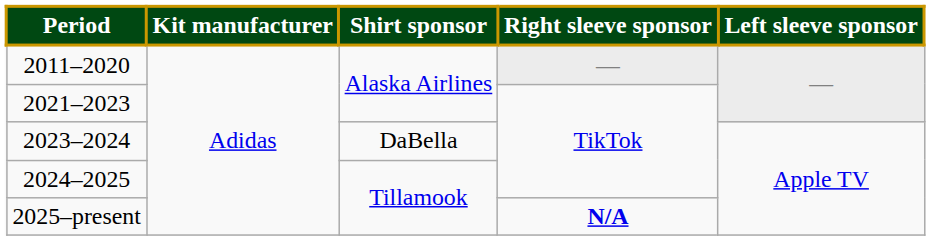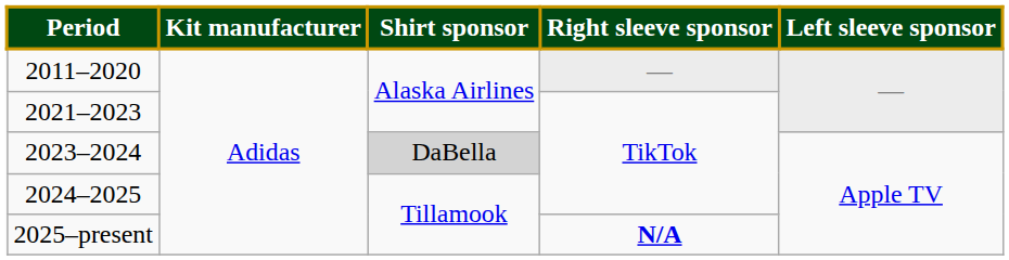 <table class="wikitable" style="text-align:center;margin-left:1em;float:right">
 <tr>
 <th style="background:#004812; color:#FFFFFF; border:2px solid #CB9700;">Period</th>
 <th style="background:#004812; color:#FFFFFF; border:2px solid #CB9700;">Kit manufacturer</th>
 <th style="background:#004812; color:#FFFFFF; border:2px solid #CB9700;">Shirt sponsor</th>
 <th style="background:#004812; color:#FFFFFF; border:2px solid #CB9700;" scope="col">Right sleeve sponsor</th>
 <th style="background:#004812; color:#FFFFFF; border:2px solid #CB9700;" scope="col">Left sleeve sponsor</th>
 </tr>
 <tr>
 <td>2011–2020</td>
 <td rowspan=5><a href='#'>Adidas</a></td>
 <td rowspan=2><a href='#'>Alaska Airlines</a></td>
 <td style="background:#ececec; color:gray">—</td>
 <td style="background:#ececec; color:gray" rowspan="2">—</td>
 </tr>
 <tr>
 <td>2021–2023</td>
 <td rowspan=3><a href='#'>TikTok</a></td>
 </tr>
 <tr>
 <td>2023–2024</td>
-<td>DaBella</td>
+<td style="background: lightgrey;">DaBella</td>
 <td rowspan=3><a href='#'>Apple TV</a></td>
 </tr>
 <tr>
 <td>2024–2025</td>
 <td rowspan=2><a href='#'>Tillamook</a></td>
 </tr>
 <tr>
 <td>2025–present</td>
 <td><strong><a href='#'>N/A</a></strong></td>
 </tr>
 </table>
